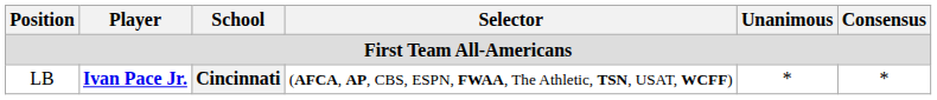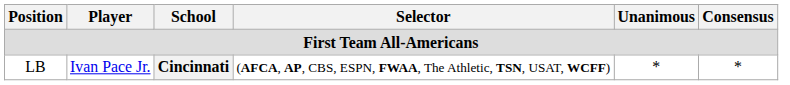 <table class="wikitable">
 <tr>
 <th>Position</th>
 <th>Player</th>
 <th>School</th>
 <th>Selector</th>
 <th>Unanimous</th>
 <th>Consensus</th>
 </tr>
 <tr>
 <td colspan="6" style="text-align:center; background:#ddd;"><strong>First Team All-Americans</strong></td>
 </tr>
 <tr style="text-align:center;">
 <td style="background:white">LB</td>
-<td style="background:white"><strong><a href='#'>Ivan Pace Jr.</a></strong></td>
+<td style="background:white"><a href='#'>Ivan Pace Jr.</a></td>
 <th style=>Cincinnati</th>
 <td style="background:white"><small>(<strong>AFCA</strong>, <strong>AP</strong>, CBS, ESPN, <strong>FWAA</strong>, The Athletic, <strong>TSN</strong>, USAT, <strong>WCFF</strong>)</small></td>
 <td style="background:white">*</td>
 <td style="background:white">*</td>
 </tr>
 </table>
